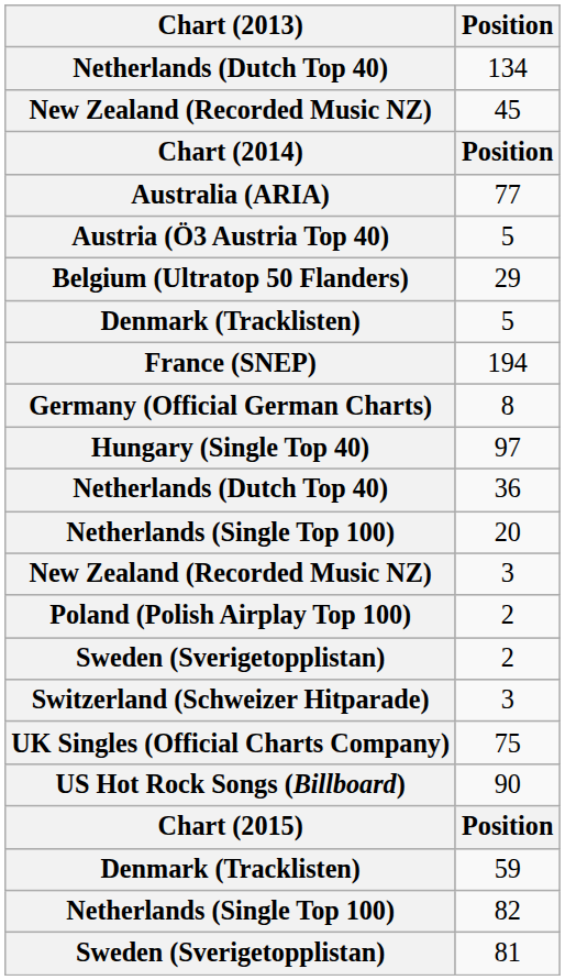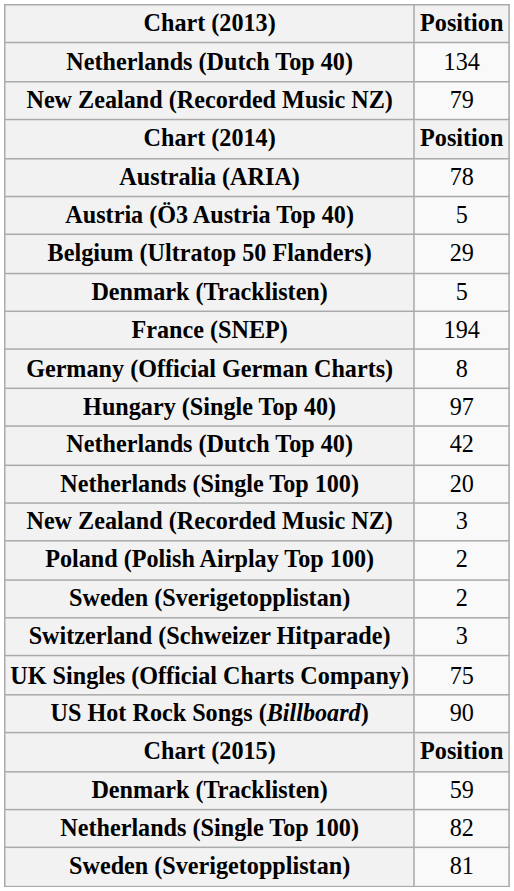 <table class="wikitable sortable plainrowheaders" style="text-align:center">
 <tr>
 <th scope="col">Chart (2013)</th>
 <th scope="col">Position</th>
 </tr>
 <tr>
 <th scope="row">Netherlands (Dutch Top 40)</th>
 <td>134</td>
 </tr>
 <tr>
 <th scope="row">New Zealand (Recorded Music NZ)</th>
-<td>45</td>
+<td>79</td>
 </tr>
 <tr>
 <th scope="col">Chart (2014)</th>
 <th scope="col">Position</th>
 </tr>
 <tr>
 <th scope="row">Australia (ARIA)</th>
-<td>77</td>
+<td>78</td>
 </tr>
 <tr>
 <th scope="row">Austria (Ö3 Austria Top 40)</th>
 <td>5</td>
 </tr>
 <tr>
 <th scope="row">Belgium (Ultratop 50 Flanders)</th>
 <td>29</td>
 </tr>
 <tr>
 <th scope="row">Denmark (Tracklisten)</th>
 <td>5</td>
 </tr>
 <tr>
 <th scope="row">France (SNEP)</th>
 <td>194</td>
 </tr>
 <tr>
 <th scope="row">Germany (Official German Charts)</th>
 <td>8</td>
 </tr>
 <tr>
 <th scope="row">Hungary (Single Top 40)</th>
 <td>97</td>
 </tr>
 <tr>
 <th scope="row">Netherlands (Dutch Top 40)</th>
-<td>36</td>
+<td>42</td>
 </tr>
 <tr>
 <th scope="row">Netherlands (Single Top 100)</th>
 <td>20</td>
 </tr>
 <tr>
 <th scope="row">New Zealand (Recorded Music NZ)</th>
 <td>3</td>
 </tr>
 <tr>
 <th scope="row">Poland (Polish Airplay Top 100)</th>
 <td>2</td>
 </tr>
 <tr>
 <th scope="row">Sweden (Sverigetopplistan)</th>
 <td>2</td>
 </tr>
 <tr>
 <th scope="row">Switzerland (Schweizer Hitparade)</th>
 <td>3</td>
 </tr>
 <tr>
 <th scope="row">UK Singles (Official Charts Company)</th>
 <td>75</td>
 </tr>
 <tr>
 <th scope="row">US Hot Rock Songs (<em>Billboard</em>)</th>
 <td>90</td>
 </tr>
 <tr>
 <th scope="col">Chart (2015)</th>
 <th scope="col">Position</th>
 </tr>
 <tr>
 <th scope="row">Denmark (Tracklisten)</th>
 <td>59</td>
 </tr>
 <tr>
 <th scope="row">Netherlands (Single Top 100)</th>
 <td>82</td>
 </tr>
 <tr>
 <th scope="row">Sweden (Sverigetopplistan)</th>
 <td>81</td>
 </tr>
 </table>
